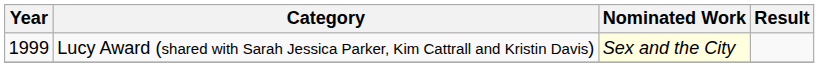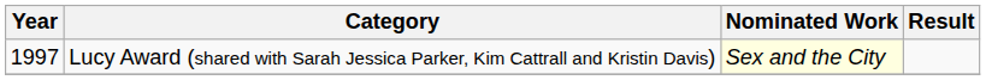 <table class="wikitable">
 <tr>
 <th>Year</th>
 <th>Category</th>
 <th>Nominated Work</th>
 <th>Result</th>
 </tr>
 <tr>
-<td>1999</td>
+<td>1997</td>
 <td>Lucy Award (<small>shared with Sarah Jessica Parker, Kim Cattrall and Kristin Davis</small>)</td>
 <td style="background: lightyellow;"><em>Sex and the City</em></td>
 <td></td>
 </tr>
 <tr>
 </tr>
 </table>
